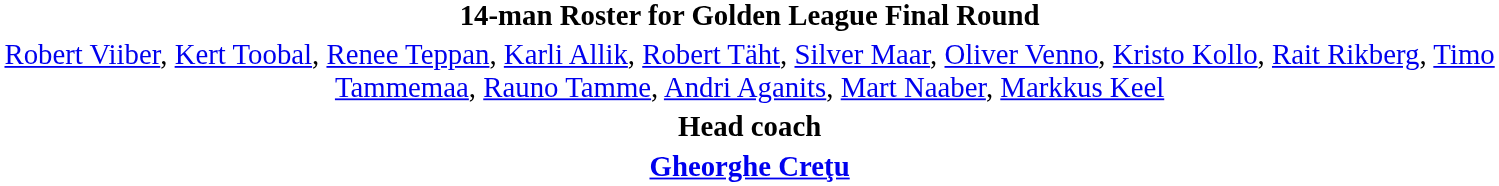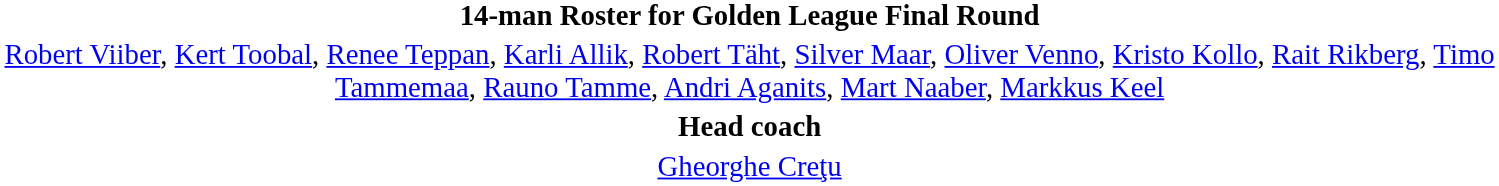 <table style="text-align:center; margin-top:2em; margin-left:auto; margin-right:auto">
 <tr>
 <td><strong>14-man Roster for Golden League Final Round</strong></td>
 </tr>
 <tr>
 <td><a href='#'>Robert Viiber</a>, <a href='#'>Kert Toobal</a>, <a href='#'>Renee Teppan</a>, <a href='#'>Karli Allik</a>, <a href='#'>Robert Täht</a>, <a href='#'>Silver Maar</a>, <a href='#'>Oliver Venno</a>, <a href='#'>Kristo Kollo</a>, <a href='#'>Rait Rikberg</a>, <a href='#'>Timo Tammemaa</a>, <a href='#'>Rauno Tamme</a>, <a href='#'>Andri Aganits</a>, <a href='#'>Mart Naaber</a>, <a href='#'>Markkus Keel</a></td>
 </tr>
 <tr>
 <td><strong>Head coach</strong></td>
 </tr>
 <tr>
-<td><strong><a href='#'>Gheorghe Creţu</a></strong></td>
+<td><a href='#'>Gheorghe Creţu</a></td>
 </tr>
 </table>
